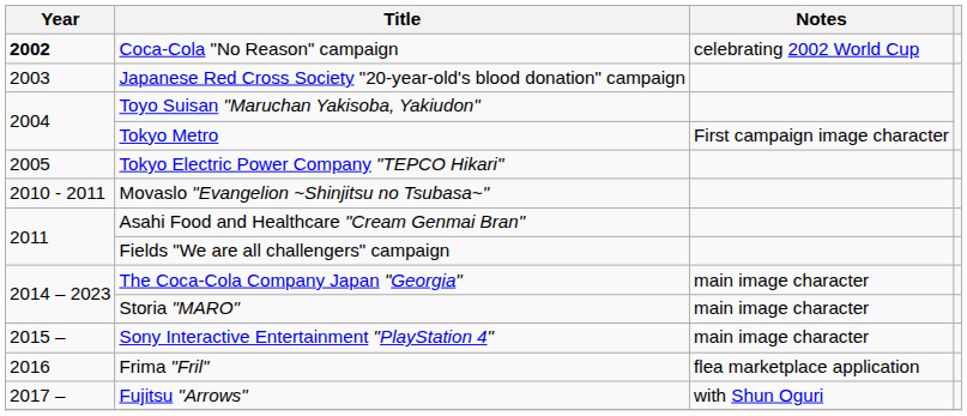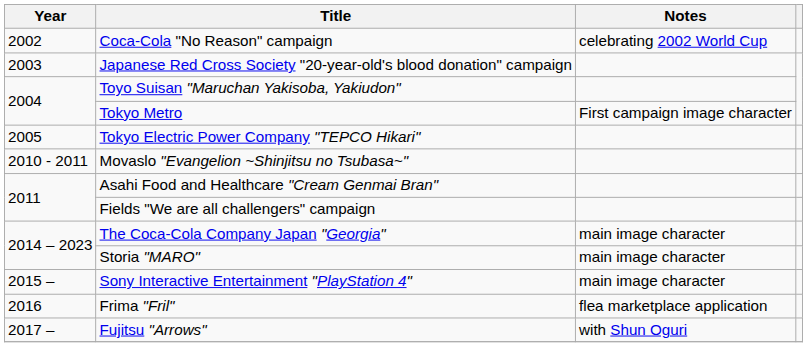 <table class="wikitable sortable">
 <tr>
 <th>Year</th>
 <th>Title</th>
 <th class="unsortable">Notes</th>
 <th class="unsortable"></th>
 </tr>
 <tr>
-<td><strong>2002</strong></td>
+<td>2002</td>
 <td><a href='#'>Coca-Cola</a> "No Reason" campaign</td>
 <td>celebrating <a href='#'>2002 World Cup</a></td>
 <td></td>
 </tr>
 <tr>
 <td>2003</td>
 <td><a href='#'>Japanese Red Cross Society</a> "20-year-old's blood donation" campaign</td>
 <td></td>
 </tr>
 <tr>
 <td rowspan="2">2004</td>
 <td><a href='#'>Toyo Suisan</a> <em>"Maruchan Yakisoba, Yakiudon"</em></td>
 <td></td>
 </tr>
 <tr>
 <td><a href='#'>Tokyo Metro</a></td>
 <td>First campaign image character</td>
 </tr>
 <tr>
 <td>2005</td>
 <td><a href='#'>Tokyo Electric Power Company</a> <em>"TEPCO Hikari"</em></td>
 <td></td>
 <td></td>
 </tr>
 <tr>
 <td>2010 - 2011</td>
 <td>Movaslo <em>"Evangelion ~Shinjitsu no Tsubasa~"</em></td>
 <td></td>
 <td></td>
 </tr>
 <tr>
 <td rowspan="2">2011</td>
 <td>Asahi Food and Healthcare <em>"Cream Genmai Bran"</em></td>
 <td></td>
 <td></td>
 </tr>
 <tr>
 <td>Fields "We are all challengers" campaign</td>
 <td></td>
 <td></td>
 </tr>
 <tr>
 <td rowspan="2">2014 – 2023</td>
 <td><a href='#'>The Coca-Cola Company Japan</a> <em>"<a href='#'>Georgia</a>"</em></td>
 <td>main image character</td>
 <td></td>
 </tr>
 <tr>
 <td>Storia <em>"MARO"</em></td>
 <td>main image character</td>
 <td></td>
 </tr>
 <tr>
 <td>2015 –</td>
 <td><a href='#'>Sony Interactive Entertainment</a> <em>"<a href='#'>PlayStation 4</a>"</em></td>
 <td>main image character</td>
 <td></td>
 </tr>
 <tr>
 <td>2016</td>
 <td>Frima <em>"Fril"</em></td>
 <td>flea marketplace application</td>
 </tr>
 <tr>
 <td>2017 –</td>
 <td><a href='#'>Fujitsu</a> <em>"Arrows"</em></td>
 <td>with <a href='#'>Shun Oguri</a></td>
 <td></td>
 </tr>
 <tr>
 </tr>
 </table>
